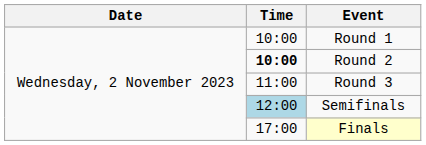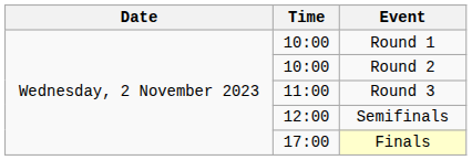 <table class = "wikitable" style="text-align:center;">
 <tr>
 <th width=220>Date</th>
 <th width=50>Time</th>
 <th width=100>Event</th>
 </tr>
 <tr>
 <td rowspan=5>Wednesday, 2 November 2023</td>
 <td>10:00</td>
 <td>Round 1</td>
 </tr>
 <tr>
-<td><strong>10:00</strong></td>
+<td>10:00</td>
 <td>Round 2</td>
 </tr>
 <tr>
 <td>11:00</td>
 <td>Round 3</td>
 </tr>
 <tr>
-<td style="background: lightblue;">12:00</td>
+<td>12:00</td>
 <td>Semifinals</td>
 </tr>
 <tr>
 <td>17:00</td>
 <td bgcolor=ffffcc>Finals</td>
 </tr>
 </table>
